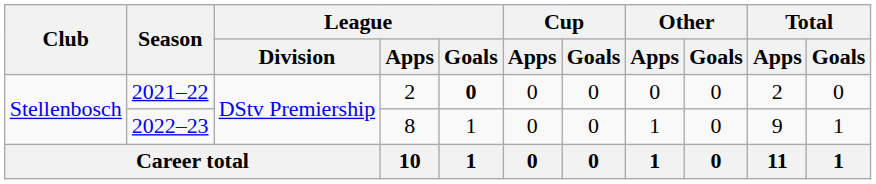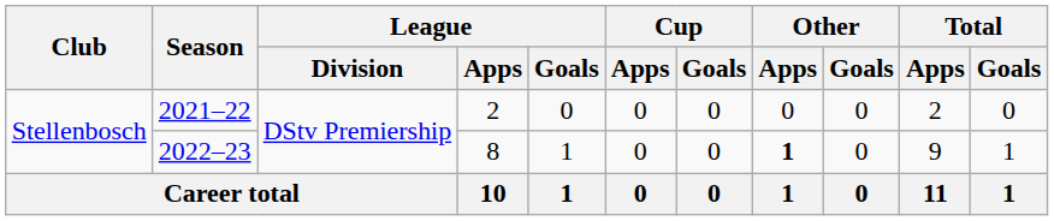 <table class=wikitable style=text-align:center>
 <tr>
 <th rowspan="2">Club</th>
 <th rowspan="2">Season</th>
 <th colspan="3">League</th>
 <th colspan="2">Cup</th>
 <th colspan="2">Other</th>
 <th colspan="2">Total</th>
 </tr>
 <tr>
 <th>Division</th>
 <th>Apps</th>
 <th>Goals</th>
 <th>Apps</th>
 <th>Goals</th>
 <th>Apps</th>
 <th>Goals</th>
 <th>Apps</th>
 <th>Goals</th>
 </tr>
 <tr>
 <td rowspan="2"><a href='#'>Stellenbosch</a></td>
 <td><a href='#'>2021–22</a></td>
 <td rowspan="2"><a href='#'>DStv Premiership</a></td>
 <td>2</td>
-<td><strong>0</strong></td>
+<td>0</td>
 <td>0</td>
 <td>0</td>
 <td>0</td>
 <td>0</td>
 <td>2</td>
 <td>0</td>
 </tr>
 <tr>
 <td><a href='#'>2022–23</a></td>
 <td>8</td>
 <td>1</td>
 <td>0</td>
 <td>0</td>
-<td>1</td>
+<td><strong>1</strong></td>
 <td>0</td>
 <td>9</td>
 <td>1</td>
 </tr>
 <tr>
 <th colspan="3">Career total</th>
 <th>10</th>
 <th>1</th>
 <th>0</th>
 <th>0</th>
 <th>1</th>
 <th>0</th>
 <th>11</th>
 <th>1</th>
 </tr>
 </table>
